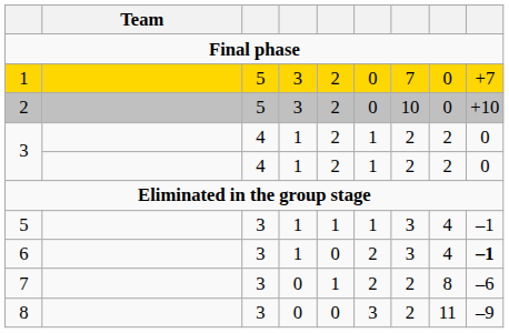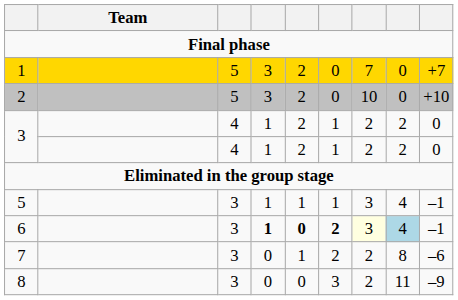 <table class="wikitable" style="text-align:center">
 <tr>
 <th width="25"></th>
 <th width="165">Team</th>
 <th width="25"></th>
 <th width="25"></th>
 <th width="25"></th>
 <th width="25"></th>
 <th width="25"></th>
 <th width="25"></th>
 <th width="25"></th>
 </tr>
 <tr>
 <td colspan=10><strong>Final phase</strong></td>
 </tr>
 <tr style="background:#FFD700;">
 <td>1</td>
 <td align=left><strong></strong></td>
 <td>5</td>
 <td>3</td>
 <td>2</td>
 <td>0</td>
 <td>7</td>
 <td>0</td>
 <td>+7</td>
 </tr>
 <tr style="background:#C0C0C0;">
 <td>2</td>
 <td align=left><strong></strong></td>
 <td>5</td>
 <td>3</td>
 <td>2</td>
 <td>0</td>
 <td>10</td>
 <td>0</td>
 <td>+10</td>
 </tr>
 <tr>
 <td rowspan=2>3</td>
 <td align=left></td>
 <td>4</td>
 <td>1</td>
 <td>2</td>
 <td>1</td>
 <td>2</td>
 <td>2</td>
 <td>0</td>
 </tr>
 <tr>
 <td align=left></td>
 <td>4</td>
 <td>1</td>
 <td>2</td>
 <td>1</td>
 <td>2</td>
 <td>2</td>
 <td>0</td>
 </tr>
 <tr>
 <td colspan=10><strong>Eliminated in the group stage</strong></td>
 </tr>
 <tr>
 <td>5</td>
 <td align=left></td>
 <td>3</td>
 <td>1</td>
 <td>1</td>
 <td>1</td>
 <td>3</td>
 <td>4</td>
 <td>–1</td>
 </tr>
 <tr>
 <td>6</td>
 <td align=left></td>
 <td>3</td>
-<td>1</td>
-<td>0</td>
-<td>2</td>
-<td>3</td>
-<td>4</td>
-<td><strong>–1</strong></td>
+<td><strong>1</strong></td>
+<td><strong>0</strong></td>
+<td><strong>2</strong></td>
+<td style="background: lightyellow;">3</td>
+<td style="background: lightblue;">4</td>
+<td>–1</td>
 </tr>
 <tr>
 <td>7</td>
 <td align=left></td>
 <td>3</td>
 <td>0</td>
 <td>1</td>
 <td>2</td>
 <td>2</td>
 <td>8</td>
 <td>–6</td>
 </tr>
 <tr>
 <td>8</td>
 <td align=left></td>
 <td>3</td>
 <td>0</td>
 <td>0</td>
 <td>3</td>
 <td>2</td>
 <td>11</td>
 <td>–9</td>
 </tr>
 </table>
